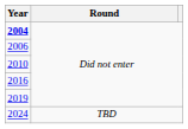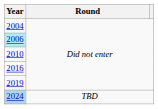 <table class="wikitable" style="text-align: center; font-size:90%">
 <tr>
 <th>Year</th>
 <th style="width:200px">Round</th>
 <th></th>
 </tr>
 <tr>
-<td><strong><a href='#'>2004</a></strong></td>
+<td><a href='#'>2004</a></td>
 <td colspan="2" rowspan="5"><em>Did not enter</em></td>
 </tr>
 <tr>
-<td><a href='#'>2006</a></td>
+<td style="background: paleturquoise;"><a href='#'>2006</a></td>
 </tr>
 <tr>
 <td><a href='#'>2010</a></td>
 </tr>
 <tr>
 <td><a href='#'>2016</a></td>
 </tr>
 <tr>
 <td><a href='#'>2019</a></td>
 </tr>
 <tr>
-<td><a href='#'>2024</a></td>
+<td style="background: lightblue;"><a href='#'>2024</a></td>
 <td colspan="2"><em>TBD</em></td>
 </tr>
 </table>
